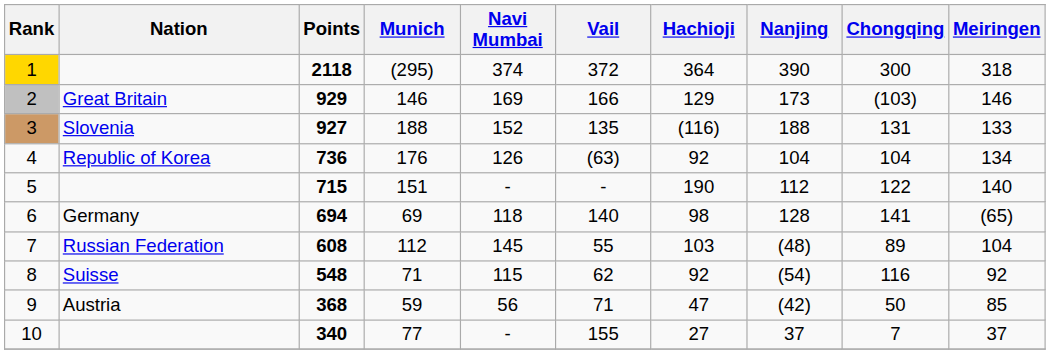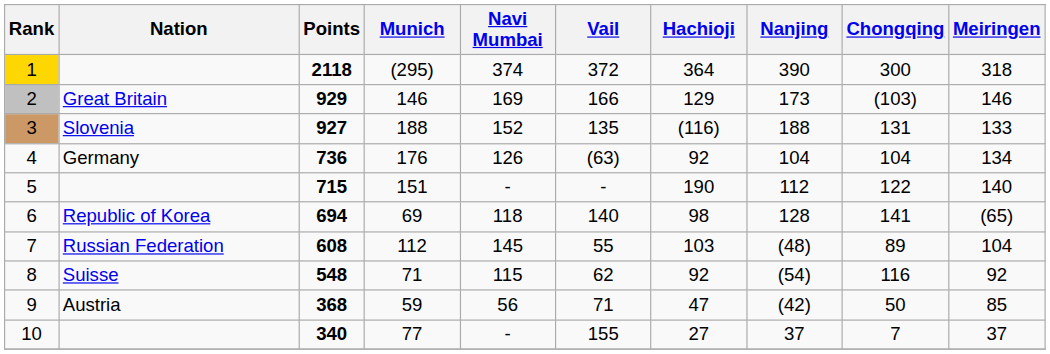 <table class="wikitable sortable">
 <tr>
 <th>Rank</th>
 <th width = "200">Nation</th>
 <th>Points</th>
 <th width = "75" data-sort-type="number"><a href='#'>Munich</a></th>
 <th width = "75" data-sort-type="number"><a href='#'>Navi Mumbai</a></th>
 <th width = "75" data-sort-type="number"><a href='#'>Vail</a></th>
 <th width = "75" data-sort-type="number"><a href='#'>Hachioji</a></th>
 <th width = "75" data-sort-type="number"><a href='#'>Nanjing</a></th>
 <th width = "75" data-sort-type="number"><a href='#'>Chongqing</a></th>
 <th width = "75" data-sort-type="number"><a href='#'>Meiringen</a></th>
 </tr>
 <tr>
 <td align="center" style="background: gold">1</td>
 <td></td>
 <td align="center"><strong>2118</strong></td>
 <td align="center">(295)</td>
 <td align="center">374</td>
 <td align="center">372</td>
 <td align="center">364</td>
 <td align="center">390</td>
 <td align="center">300</td>
 <td align="center">318</td>
 </tr>
 <tr>
 <td align="center" style="background: silver">2</td>
 <td> <a href='#'>Great Britain</a></td>
 <td align="center"><strong>929</strong></td>
 <td align="center">146</td>
 <td align="center">169</td>
 <td align="center">166</td>
 <td align="center">129</td>
 <td align="center">173</td>
 <td align="center">(103)</td>
 <td align="center">146</td>
 </tr>
 <tr>
 <td align="center" style="background: #cc9966">3</td>
 <td> <a href='#'>Slovenia</a></td>
 <td align="center"><strong>927</strong></td>
 <td align="center">188</td>
 <td align="center">152</td>
 <td align="center">135</td>
 <td align="center">(116)</td>
 <td align="center">188</td>
 <td align="center">131</td>
 <td align="center">133</td>
 </tr>
 <tr>
 <td align="center">4</td>
-<td> <a href='#'>Republic of Korea</a></td>
+<td> Germany</td>
 <td align="center"><strong>736</strong></td>
 <td align="center">176</td>
 <td align="center">126</td>
 <td align="center">(63)</td>
 <td align="center">92</td>
 <td align="center">104</td>
 <td align="center">104</td>
 <td align="center">134</td>
 </tr>
 <tr>
 <td align="center">5</td>
 <td></td>
 <td align="center"><strong>715</strong></td>
 <td align="center">151</td>
 <td align="center">-</td>
 <td align="center">-</td>
 <td align="center">190</td>
 <td align="center">112</td>
 <td align="center">122</td>
 <td align="center">140</td>
 </tr>
 <tr>
 <td align="center">6</td>
-<td> Germany</td>
+<td> <a href='#'>Republic of Korea</a></td>
 <td align="center"><strong>694</strong></td>
 <td align="center">69</td>
 <td align="center">118</td>
 <td align="center">140</td>
 <td align="center">98</td>
 <td align="center">128</td>
 <td align="center">141</td>
 <td align="center">(65)</td>
 </tr>
 <tr>
 <td align="center">7</td>
 <td> <a href='#'>Russian Federation</a></td>
 <td align="center"><strong>608</strong></td>
 <td align="center">112</td>
 <td align="center">145</td>
 <td align="center">55</td>
 <td align="center">103</td>
 <td align="center">(48)</td>
 <td align="center">89</td>
 <td align="center">104</td>
 </tr>
 <tr>
 <td align="center">8</td>
 <td> <a href='#'>Suisse</a></td>
 <td align="center"><strong>548</strong></td>
 <td align="center">71</td>
 <td align="center">115</td>
 <td align="center">62</td>
 <td align="center">92</td>
 <td align="center">(54)</td>
 <td align="center">116</td>
 <td align="center">92</td>
 </tr>
 <tr>
 <td align="center">9</td>
 <td> Austria</td>
 <td align="center"><strong>368</strong></td>
 <td align="center">59</td>
 <td align="center">56</td>
 <td align="center">71</td>
 <td align="center">47</td>
 <td align="center">(42)</td>
 <td align="center">50</td>
 <td align="center">85</td>
 </tr>
 <tr>
 <td align="center">10</td>
 <td></td>
 <td align="center"><strong>340</strong></td>
 <td align="center">77</td>
 <td align="center">-</td>
 <td align="center">155</td>
 <td align="center">27</td>
 <td align="center">37</td>
 <td align="center">7</td>
 <td align="center">37</td>
 </tr>
 <tr>
 </tr>
 </table>
